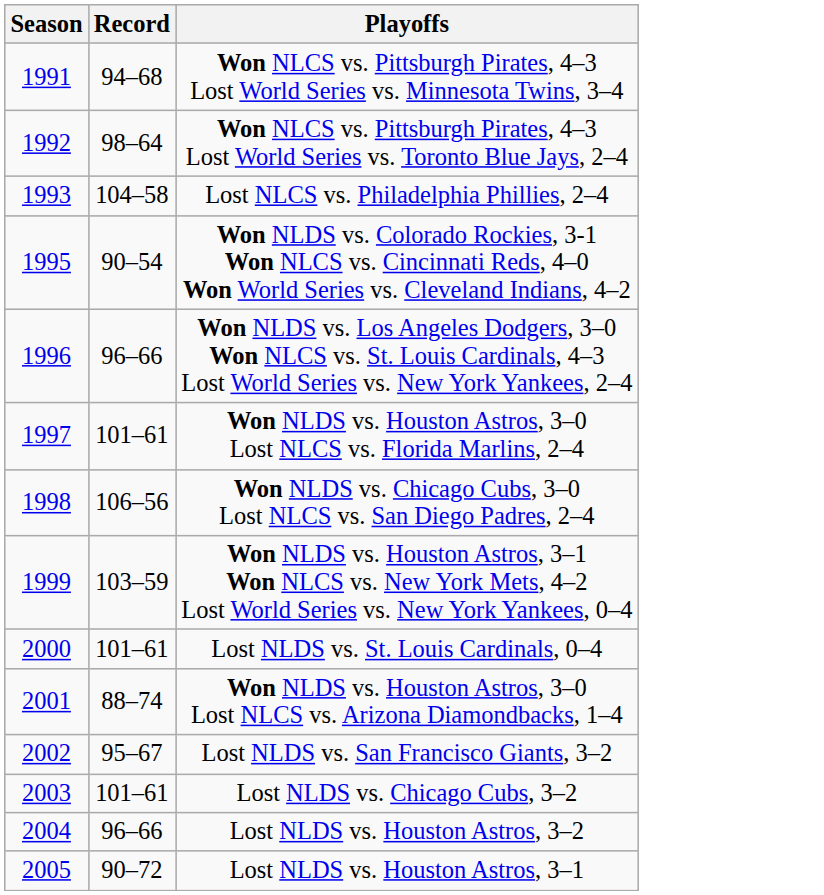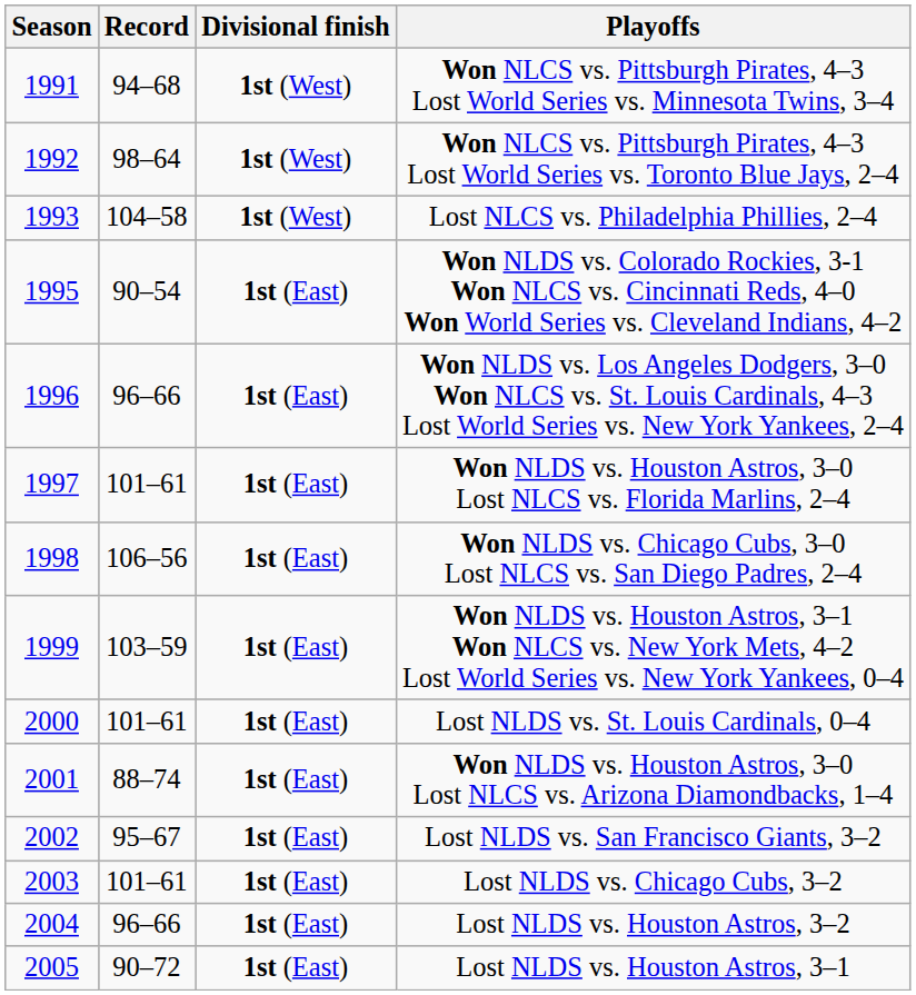 <table class="wikitable" style="text-align:center;">
 <tr>
 <th>Season</th>
 <th>Record</th>
+<th>Divisional finish</th>
 <th>Playoffs</th>
 </tr>
 <tr align="center">
 <td><a href='#'>1991</a></td>
 <td>94–68</td>
+<td><strong>1st</strong> (<a href='#'>West</a>)</td>
 <td><strong>Won</strong> <a href='#'>NLCS</a> vs. <a href='#'>Pittsburgh Pirates</a>, 4–3<br>Lost <a href='#'>World Series</a> vs. <a href='#'>Minnesota Twins</a>, 3–4</td>
 </tr>
 <tr align="center">
 <td><a href='#'>1992</a></td>
 <td>98–64</td>
+<td><strong>1st</strong> (<a href='#'>West</a>)</td>
 <td><strong>Won</strong> <a href='#'>NLCS</a> vs. <a href='#'>Pittsburgh Pirates</a>, 4–3<br>Lost <a href='#'>World Series</a> vs. <a href='#'>Toronto Blue Jays</a>, 2–4</td>
 </tr>
 <tr align="center">
 <td><a href='#'>1993</a></td>
 <td>104–58</td>
+<td><strong>1st</strong> (<a href='#'>West</a>)</td>
 <td>Lost <a href='#'>NLCS</a> vs. <a href='#'>Philadelphia Phillies</a>, 2–4</td>
 </tr>
 <tr align="center">
 <td><a href='#'>1995</a></td>
 <td>90–54</td>
+<td><strong>1st</strong> (<a href='#'>East</a>)</td>
 <td><strong>Won</strong> <a href='#'>NLDS</a> vs. <a href='#'>Colorado Rockies</a>, 3-1<br><strong>Won</strong> <a href='#'>NLCS</a> vs. <a href='#'>Cincinnati Reds</a>, 4–0<br><strong>Won</strong> <a href='#'>World Series</a> vs. <a href='#'>Cleveland Indians</a>, 4–2</td>
 </tr>
 <tr align="center">
 <td><a href='#'>1996</a></td>
 <td>96–66</td>
+<td><strong>1st</strong> (<a href='#'>East</a>)</td>
 <td><strong>Won</strong> <a href='#'>NLDS</a> vs. <a href='#'>Los Angeles Dodgers</a>, 3–0<br><strong>Won</strong> <a href='#'>NLCS</a> vs. <a href='#'>St. Louis Cardinals</a>, 4–3<br>Lost <a href='#'>World Series</a> vs. <a href='#'>New York Yankees</a>, 2–4</td>
 </tr>
 <tr align="center">
 <td><a href='#'>1997</a></td>
 <td>101–61</td>
+<td><strong>1st</strong> (<a href='#'>East</a>)</td>
 <td><strong>Won</strong> <a href='#'>NLDS</a> vs. <a href='#'>Houston Astros</a>, 3–0<br>Lost <a href='#'>NLCS</a> vs. <a href='#'>Florida Marlins</a>, 2–4</td>
 </tr>
 <tr align="center">
 <td><a href='#'>1998</a></td>
 <td>106–56</td>
+<td><strong>1st</strong> (<a href='#'>East</a>)</td>
 <td><strong>Won</strong> <a href='#'>NLDS</a> vs. <a href='#'>Chicago Cubs</a>, 3–0<br>Lost <a href='#'>NLCS</a> vs. <a href='#'>San Diego Padres</a>, 2–4</td>
 </tr>
 <tr align="center">
 <td><a href='#'>1999</a></td>
 <td>103–59</td>
+<td><strong>1st</strong> (<a href='#'>East</a>)</td>
 <td><strong>Won</strong> <a href='#'>NLDS</a> vs. <a href='#'>Houston Astros</a>, 3–1<br><strong>Won</strong> <a href='#'>NLCS</a> vs. <a href='#'>New York Mets</a>, 4–2<br>Lost <a href='#'>World Series</a> vs. <a href='#'>New York Yankees</a>, 0–4</td>
 </tr>
 <tr align="center">
 <td><a href='#'>2000</a></td>
 <td>101–61</td>
+<td><strong>1st</strong> (<a href='#'>East</a>)</td>
 <td>Lost <a href='#'>NLDS</a> vs. <a href='#'>St. Louis Cardinals</a>, 0–4</td>
 </tr>
 <tr align="center">
 <td><a href='#'>2001</a></td>
 <td>88–74</td>
+<td><strong>1st</strong> (<a href='#'>East</a>)</td>
 <td><strong>Won</strong> <a href='#'>NLDS</a> vs. <a href='#'>Houston Astros</a>, 3–0<br>Lost <a href='#'>NLCS</a> vs. <a href='#'>Arizona Diamondbacks</a>, 1–4</td>
 </tr>
 <tr align="center">
 <td><a href='#'>2002</a></td>
 <td>95–67</td>
+<td><strong>1st</strong> (<a href='#'>East</a>)</td>
 <td>Lost <a href='#'>NLDS</a> vs. <a href='#'>San Francisco Giants</a>, 3–2</td>
 </tr>
 <tr align="center">
 <td><a href='#'>2003</a></td>
 <td>101–61</td>
+<td><strong>1st</strong> (<a href='#'>East</a>)</td>
 <td>Lost <a href='#'>NLDS</a> vs. <a href='#'>Chicago Cubs</a>, 3–2</td>
 </tr>
 <tr align="center">
 <td><a href='#'>2004</a></td>
 <td>96–66</td>
+<td><strong>1st</strong> (<a href='#'>East</a>)</td>
 <td>Lost <a href='#'>NLDS</a> vs. <a href='#'>Houston Astros</a>, 3–2</td>
 </tr>
 <tr align="center">
 <td><a href='#'>2005</a></td>
 <td>90–72</td>
+<td><strong>1st</strong> (<a href='#'>East</a>)</td>
 <td>Lost <a href='#'>NLDS</a> vs. <a href='#'>Houston Astros</a>, 3–1</td>
 </tr>
 </table>
